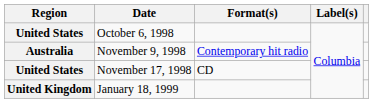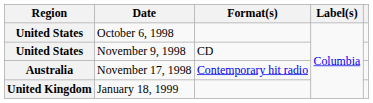 <table class="wikitable plainrowheaders">
 <tr>
 <th scope="col">Region</th>
 <th scope="col">Date</th>
 <th scope="col">Format(s)</th>
 <th scope="col">Label(s)</th>
 <th scope="col"></th>
 </tr>
 <tr>
 <th scope="row">United States</th>
 <td>October 6, 1998</td>
 <td></td>
 <td rowspan="4"><a href='#'>Columbia</a></td>
 <td></td>
 </tr>
 <tr>
-<th scope="row">Australia</th>
+<th scope="row">United States</th>
 <td>November 9, 1998</td>
-<td><a href='#'>Contemporary hit radio</a></td>
+<td>CD</td>
 <td></td>
 </tr>
 <tr>
-<th scope="row">United States</th>
+<th scope="row">Australia</th>
 <td>November 17, 1998</td>
-<td>CD</td>
+<td><a href='#'>Contemporary hit radio</a></td>
 <td></td>
 </tr>
 <tr>
 <th scope="row">United Kingdom</th>
 <td>January 18, 1999</td>
 <td></td>
 <td></td>
 </tr>
 </table>
